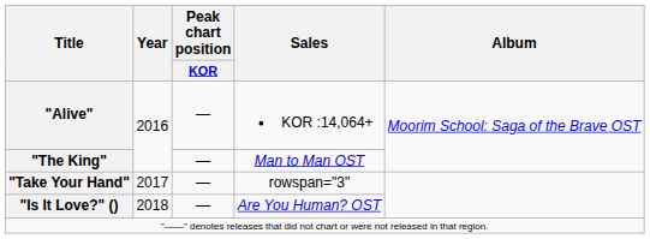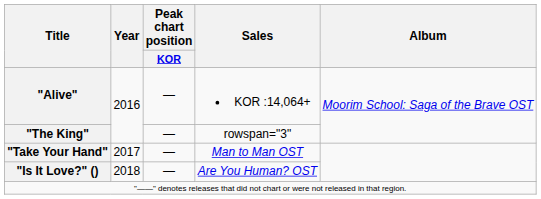 <table class="wikitable plainrowheaders" style="text-align:center">
 <tr>
 <th scope="col" rowspan="2">Title</th>
 <th scope="col" rowspan="2">Year</th>
 <th scope="col">Peak<br>chart<br>position</th>
 <th scope="col" rowspan="2">Sales</th>
 <th scope="col" rowspan="2">Album</th>
 </tr>
 <tr>
 <th style="width:3em;font-size:90%"><a href='#'>KOR</a><br></th>
 </tr>
 <tr>
 <th scope="row">"Alive"</th>
 <td rowspan="2">2016</td>
 <td>—</td>
 <td><br><ul><li>KOR :14,064+</li></ul></td>
 <td rowspan=2><em><a href='#'>Moorim School: Saga of the Brave OST</a></em></td>
 </tr>
 <tr>
 <th scope="row">"The King"</th>
 <td>—</td>
-<td><em><a href='#'>Man to Man OST</a></em></td>
+<td>rowspan="3" </td>
 </tr>
 <tr>
 <th scope="row">"Take Your Hand"</th>
 <td>2017</td>
 <td>—</td>
-<td>rowspan="3" </td>
+<td><em><a href='#'>Man to Man OST</a></em></td>
 </tr>
 <tr>
 <th scope="row">"Is It Love?" ()</th>
 <td>2018</td>
 <td>—</td>
 <td><em><a href='#'>Are You Human? OST</a></em></td>
 </tr>
 <tr>
 <td colspan="6" style="font-size:8pt;">"——" denotes releases that did not chart or were not released in that region.</td>
 </tr>
 </table>
